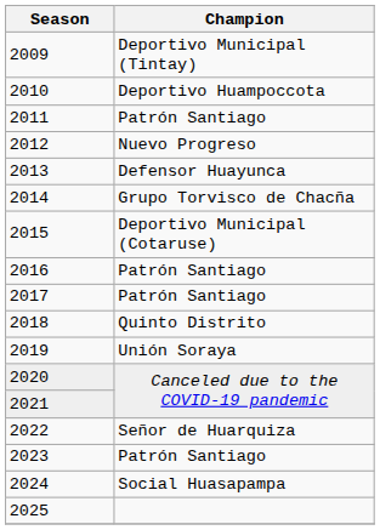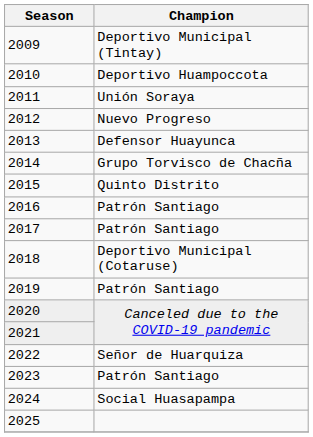 <table class="wikitable sortable">
 <tr>
 <th width=80px>Season</th>
 <th width=200px>Champion</th>
 </tr>
 <tr>
 <td>2009</td>
 <td>Deportivo Municipal (Tintay)</td>
 </tr>
 <tr>
 <td>2010</td>
 <td>Deportivo Huampoccota</td>
 </tr>
 <tr>
 <td>2011</td>
-<td>Patrón Santiago</td>
+<td>Unión Soraya</td>
 </tr>
 <tr>
 <td>2012</td>
 <td>Nuevo Progreso</td>
 </tr>
 <tr>
 <td>2013</td>
 <td>Defensor Huayunca</td>
 </tr>
 <tr>
 <td>2014</td>
 <td>Grupo Torvisco de Chacña</td>
 </tr>
 <tr>
 <td>2015</td>
-<td>Deportivo Municipal (Cotaruse)</td>
+<td>Quinto Distrito</td>
 </tr>
 <tr>
 <td>2016</td>
 <td>Patrón Santiago</td>
 </tr>
 <tr>
 <td>2017</td>
 <td>Patrón Santiago</td>
 </tr>
 <tr>
 <td>2018</td>
-<td>Quinto Distrito</td>
+<td>Deportivo Municipal (Cotaruse)</td>
 </tr>
 <tr>
 <td>2019</td>
-<td>Unión Soraya</td>
+<td>Patrón Santiago</td>
 </tr>
 <tr bgcolor=#efefef>
 <td>2020</td>
 <td rowspan=2 colspan="1" align=center><em>Canceled due to the <a href='#'>COVID-19 pandemic</a></em></td>
 </tr>
 <tr bgcolor=#efefef>
 <td>2021</td>
 </tr>
 <tr>
 <td>2022</td>
 <td>Señor de Huarquiza</td>
 </tr>
 <tr>
 <td>2023</td>
 <td>Patrón Santiago</td>
 </tr>
 <tr>
 <td>2024</td>
 <td>Social Huasapampa</td>
 </tr>
 <tr>
 <td>2025</td>
 <td></td>
 </tr>
 <tr>
 </tr>
 </table>
